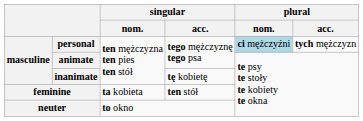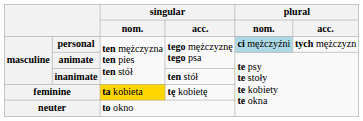 <table class="wikitable">
 <tr>
 <th colspan="2" rowspan="2"></th>
 <th colspan="2"><strong>singular</strong></th>
 <th colspan="2"><strong>plural</strong></th>
 </tr>
 <tr>
 <th>nom.</th>
 <th>acc.</th>
 <th>nom.</th>
 <th>acc.</th>
 </tr>
 <tr>
 <th rowspan="3"><strong>masculine</strong></th>
 <th>personal</th>
 <td rowspan="3"><strong>ten</strong> mężczyzna<br><strong>ten</strong> pies<br><strong>ten</strong> stół</td>
 <td rowspan="2"><strong>tego</strong> mężczyznę<br><strong>tego</strong> psa</td>
 <td style="background: lightblue;"><strong>ci</strong> mężczyźni</td>
 <td><strong>tych</strong> mężczyzn</td>
 </tr>
 <tr>
 <th>animate</th>
 <td colspan="2" rowspan="4"><strong>te</strong> psy<br><strong>te</strong> stoły<br><strong>te</strong> kobiety<br><strong>te</strong> okna</td>
 </tr>
 <tr>
 <th>inanimate</th>
-<td><strong>tę</strong> kobietę</td>
+<td><strong>ten</strong> stół</td>
 </tr>
 <tr>
 <th colspan="2"><strong>feminine</strong></th>
-<td><strong>ta</strong> kobieta</td>
-<td><strong>ten</strong> stół</td>
+<td style="background: gold;"><strong>ta</strong> kobieta</td>
+<td><strong>tę</strong> kobietę</td>
 </tr>
 <tr>
 <th colspan="2"><strong>neuter</strong></th>
 <td colspan="2"><strong>to</strong> okno</td>
 </tr>
 </table>
